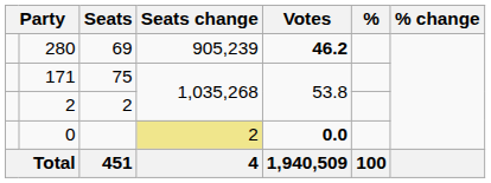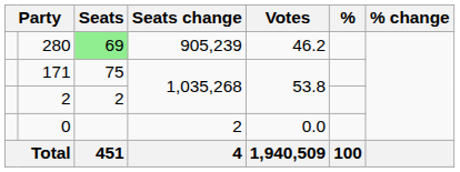 <table class="wikitable sortable">
 <tr>
 <th colspan=2>Party</th>
 <th>Seats</th>
 <th>Seats change</th>
 <th>Votes</th>
 <th>%</th>
 <th>% change</th>
 </tr>
 <tr>
 <td></td>
 <td align=right>280</td>
-<td align=right>69</td>
+<td align=right style="background: lightgreen;">69</td>
 <td align=right>905,239</td>
-<td align=right><strong>46.2</strong></td>
+<td align=right>46.2</td>
 <td align=right></td>
 </tr>
 <tr>
 <td></td>
 <td align=right>171</td>
 <td align=right>75</td>
 <td rowspan=2 align=right>1,035,268</td>
 <td rowspan=2 align=right>53.8</td>
 <td align=right></td>
 </tr>
 <tr>
 <td></td>
 <td align=right>2</td>
 <td align=right>2</td>
 <td align=right></td>
 </tr>
 <tr>
 <td></td>
 <td align=right>0</td>
 <td align=right></td>
-<td align=right style="background: khaki;">2</td>
-<td align=right><strong>0.0</strong></td>
+<td align=right>2</td>
+<td align=right>0.0</td>
 <td align=right></td>
 </tr>
 <tr class="sortbottom" style="font-weight: bold; text-align: right; background: #f2f2f2;">
 <th colspan="2" style="padding-left: 1.5em; text-align: left;">Total</th>
 <td align=right>451</td>
 <td align=right>4</td>
 <td align=right>1,940,509</td>
 <td align=right>100</td>
 <td align=right></td>
 </tr>
 </table>
